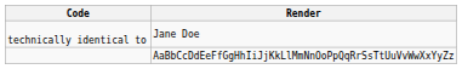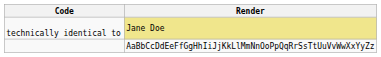 <table class=wikitable>
 <tr>
 <th style=width:55%>Code</th>
 <th>Render</th>
 </tr>
 <tr>
 <td><br>technically identical to </td>
-<td><span>Jane Doe</span></td>
+<td style="background: khaki;"><span>Jane Doe</span></td>
 </tr>
 <tr>
 <td></td>
 <td><span>AaBbCcDdEeFfGgHhIiJjKkLlMmNnOoPpQqRrSsTtUuVvWwXxYyZz</span></td>
 </tr>
 </table>
